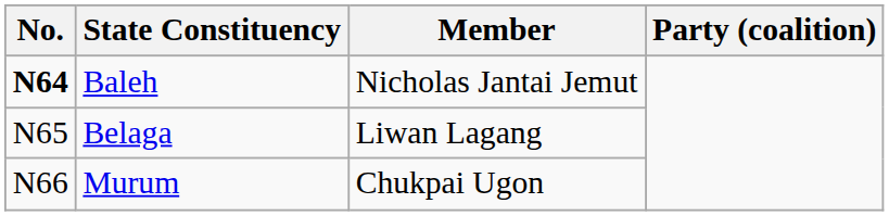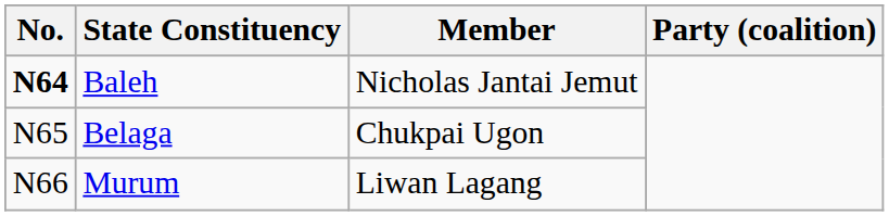 <table class="wikitable">
 <tr>
 <th>No.</th>
 <th>State Constituency</th>
 <th>Member</th>
 <th>Party (coalition)</th>
 </tr>
 <tr>
 <td><strong>N64</strong></td>
 <td><a href='#'>Baleh</a></td>
 <td>Nicholas Jantai Jemut</td>
 <td rowspan="3"></td>
 </tr>
 <tr>
 <td>N65</td>
 <td><a href='#'>Belaga</a></td>
-<td>Liwan Lagang</td>
+<td>Chukpai Ugon</td>
 </tr>
 <tr>
 <td>N66</td>
 <td><a href='#'>Murum</a></td>
-<td>Chukpai Ugon</td>
+<td>Liwan Lagang</td>
 </tr>
 </table>
